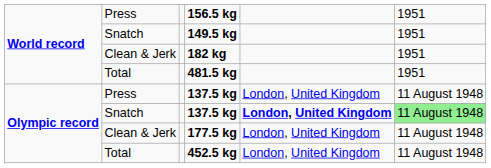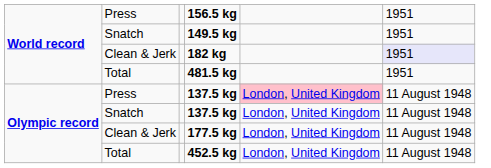 <table class="wikitable">
 <tr>
 <td rowspan=4><strong><a href='#'>World record</a></strong></td>
 <td>Press</td>
 <td></td>
 <td><strong>156.5 kg</strong></td>
 <td></td>
 <td>1951</td>
 </tr>
 <tr>
 <td>Snatch</td>
 <td></td>
 <td><strong>149.5 kg</strong></td>
 <td></td>
 <td>1951</td>
 </tr>
 <tr>
 <td>Clean & Jerk</td>
 <td></td>
 <td><strong>182 kg</strong></td>
 <td></td>
-<td>1951</td>
+<td style="background: lavender;">1951</td>
 </tr>
 <tr>
 <td>Total</td>
 <td></td>
 <td><strong>481.5 kg</strong></td>
 <td></td>
 <td>1951</td>
 </tr>
 <tr>
 <td rowspan=4><strong><a href='#'>Olympic record</a></strong></td>
 <td>Press</td>
 <td></td>
 <td><strong>137.5 kg</strong></td>
-<td><a href='#'>London</a>, <a href='#'>United Kingdom</a></td>
+<td style="background: pink;"><a href='#'>London</a>, <a href='#'>United Kingdom</a></td>
 <td>11 August 1948</td>
 </tr>
 <tr>
 <td>Snatch</td>
 <td></td>
 <td><strong>137.5 kg</strong></td>
-<td><strong><a href='#'>London</a>, <a href='#'>United Kingdom</a></strong></td>
-<td style="background: lightgreen;">11 August 1948</td>
+<td><a href='#'>London</a>, <a href='#'>United Kingdom</a></td>
+<td>11 August 1948</td>
 </tr>
 <tr>
 <td>Clean & Jerk</td>
 <td></td>
 <td><strong>177.5 kg</strong></td>
 <td><a href='#'>London</a>, <a href='#'>United Kingdom</a></td>
 <td>11 August 1948</td>
 </tr>
 <tr>
 <td>Total</td>
 <td></td>
 <td><strong>452.5 kg</strong></td>
 <td><a href='#'>London</a>, <a href='#'>United Kingdom</a></td>
 <td>11 August 1948</td>
 </tr>
 </table>
